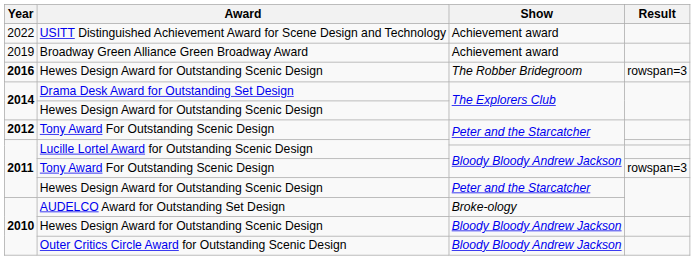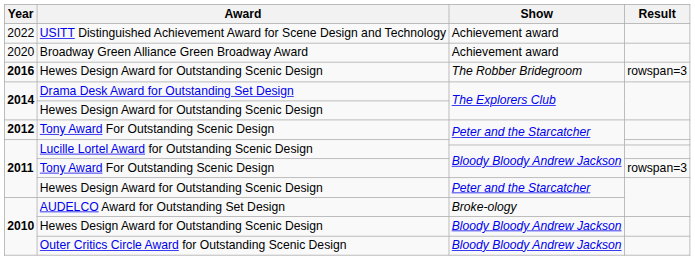 <table class="wikitable">
 <tr>
 <th>Year</th>
 <th>Award</th>
 <th>Show</th>
 <th>Result</th>
 </tr>
 <tr>
 <td>2022</td>
 <td><a href='#'>USITT</a> Distinguished Achievement Award for Scene Design and Technology</td>
 <td>Achievement award</td>
 <td></td>
 </tr>
 <tr>
-<td>2019</td>
+<td>2020</td>
 <td>Broadway Green Alliance Green Broadway Award</td>
 <td>Achievement award</td>
 <td></td>
 </tr>
 <tr>
 <td><strong>2016</strong></td>
 <td>Hewes Design Award for Outstanding Scenic Design</td>
 <td><em>The Robber Bridegroom</em></td>
 <td>rowspan=3 </td>
 </tr>
 <tr>
 <td rowspan=2><strong>2014</strong></td>
 <td><a href='#'>Drama Desk Award for Outstanding Set Design</a></td>
 <td rowspan=2><em><a href='#'>The Explorers Club</a></em></td>
 </tr>
 <tr>
 <td>Hewes Design Award for Outstanding Scenic Design</td>
 </tr>
 <tr>
 <td><strong>2012</strong></td>
 <td><a href='#'>Tony Award</a> For Outstanding Scenic Design</td>
 <td rowspan=2><em><a href='#'>Peter and the Starcatcher</a></em></td>
 <td></td>
 </tr>
 <tr>
 <td rowspan=4><strong>2011</strong></td>
 <td rowspan=2><a href='#'>Lucille Lortel Award</a> for Outstanding Scenic Design</td>
 <td></td>
 </tr>
 <tr>
 <td rowspan=2><em><a href='#'>Bloody Bloody Andrew Jackson</a></em></td>
 <td></td>
 </tr>
 <tr>
 <td><a href='#'>Tony Award</a> For Outstanding Scenic Design</td>
 <td>rowspan=3 </td>
 </tr>
 <tr>
 <td>Hewes Design Award for Outstanding Scenic Design</td>
 <td><em><a href='#'>Peter and the Starcatcher</a></em></td>
 </tr>
 <tr>
 <td rowspan=3><strong>2010</strong></td>
 <td><a href='#'>AUDELCO</a> Award for Outstanding Set Design</td>
 <td><em>Broke-ology</em></td>
 </tr>
 <tr>
 <td>Hewes Design Award for Outstanding Scenic Design</td>
 <td><em><a href='#'>Bloody Bloody Andrew Jackson</a></em></td>
 <td></td>
 </tr>
 <tr>
 <td><a href='#'>Outer Critics Circle Award</a> for Outstanding Scenic Design</td>
 <td><em><a href='#'>Bloody Bloody Andrew Jackson</a></em></td>
 <td></td>
 </tr>
 </table>
